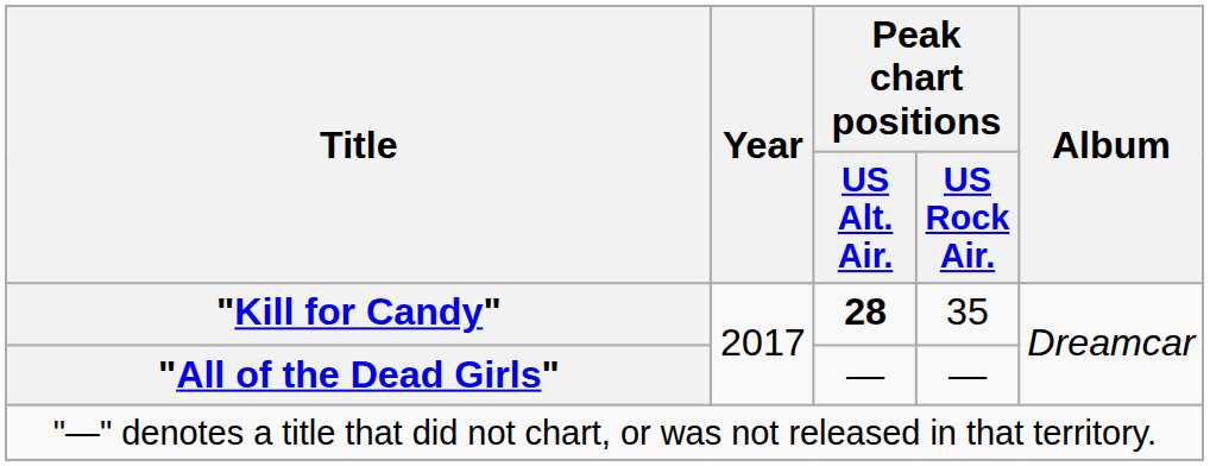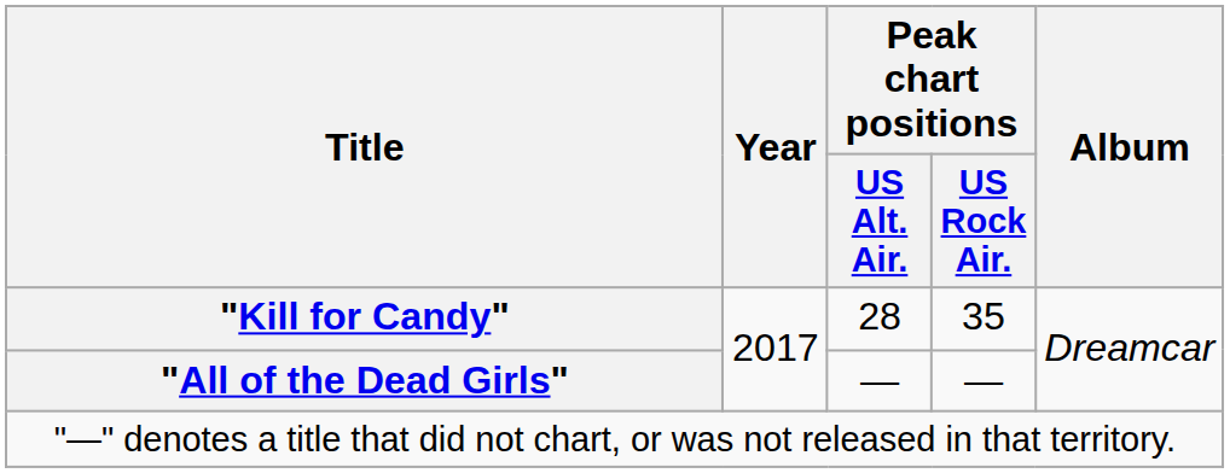 <table class="wikitable plainrowheaders" style="text-align:center;">
 <tr>
 <th scope="col" rowspan="2" style="width:18em;">Title</th>
 <th scope="col" rowspan="2" style="width:1em;">Year</th>
 <th scope="col" colspan="2">Peak chart positions</th>
 <th scope="col" rowspan="2">Album</th>
 </tr>
 <tr>
 <th scope="col" style="width:2.5em;font-size:90%;"><a href='#'>US<br>Alt.<br>Air.</a><br></th>
 <th scope="col" style="width:2.5em;font-size:90%;"><a href='#'>US<br>Rock<br>Air.</a><br></th>
 </tr>
 <tr>
 <th scope="row">"<a href='#'>Kill for Candy</a>"</th>
 <td rowspan="2">2017</td>
-<td><strong>28</strong></td>
+<td>28</td>
 <td>35</td>
 <td rowspan="2"><em>Dreamcar</em></td>
 </tr>
 <tr>
 <th scope="row">"<a href='#'>All of the Dead Girls</a>"</th>
 <td>—</td>
 <td>—</td>
 </tr>
 <tr>
 <td colspan="5" style="font-size:90%">"—" denotes a title that did not chart, or was not released in that territory.</td>
 </tr>
 </table>
